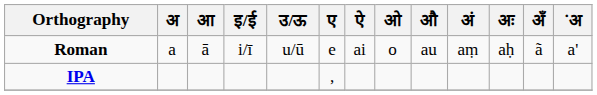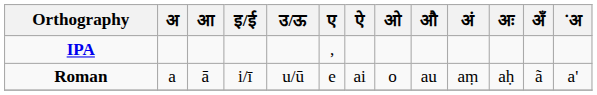 <table border="2" class="wikitable" align="center" width="550">
 <tr>
 <th>Orthography</th>
 <th>अ</th>
 <th>आ</th>
 <th>इ/ई</th>
 <th>उ/ऊ</th>
 <th>ए</th>
 <th>ऐ</th>
 <th>ओ</th>
 <th>औ</th>
 <th>अं</th>
 <th>अः</th>
 <th>अँ</th>
 <th>ॱअ</th>
 </tr>
 <tr align = center>
+<td><a href='#'><strong>IPA</strong></a></td>
+<td></td>
+<td></td>
+<td></td>
+<td></td>
+<td>, </td>
+<td></td>
+<td></td>
+<td></td>
+<td></td>
+<td></td>
+<td></td>
+<td></td>
+</tr>
+<tr align = center>
 <td><strong>Roman</strong></td>
 <td>a</td>
 <td>ā</td>
 <td>i/ī</td>
 <td>u/ū</td>
 <td>e</td>
 <td>ai</td>
 <td>o</td>
 <td>au</td>
 <td>aṃ</td>
 <td>aḥ</td>
 <td>ã</td>
 <td>a'</td>
 </tr>
-<tr align = center>
-<td><a href='#'><strong>IPA</strong></a></td>
-<td></td>
-<td></td>
-<td></td>
-<td></td>
-<td>, </td>
-<td></td>
-<td></td>
-<td></td>
-<td></td>
-<td></td>
-<td></td>
-<td></td>
-</tr>
 <tr align="center">
 </tr>
 </table>
